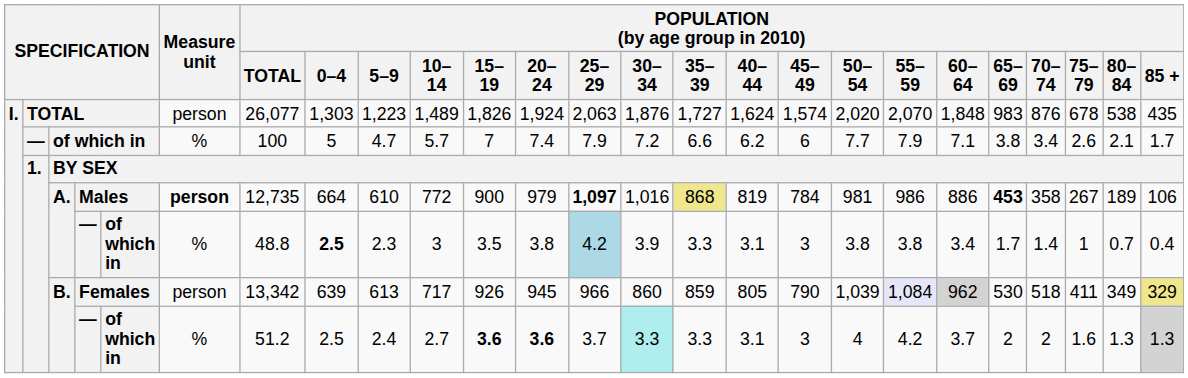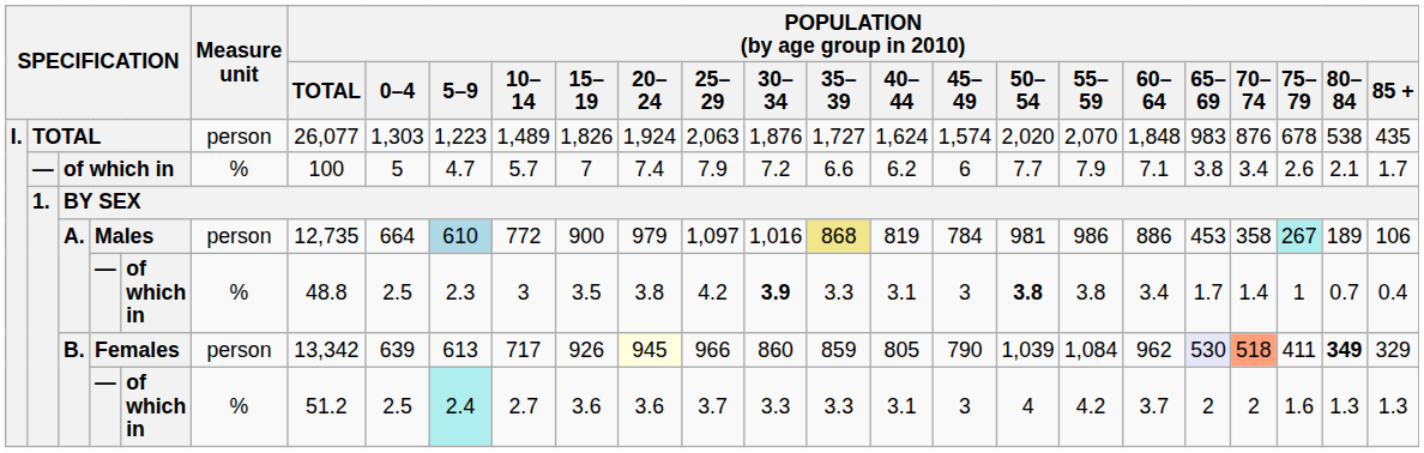 <table class="wikitable" style="font-size:85%; text-align:center">
 <tr>
 <th rowspan="2" colspan="5">SPECIFICATION</th>
 <th rowspan="2">Measure<br> unit</th>
 <th colspan="20" rowspan="1">POPULATION<br> (by age group in 2010)</th>
 </tr>
 <tr>
 <th>TOTAL</th>
 <th>0–4</th>
 <th>5–9</th>
 <th>10–14</th>
 <th>15–19</th>
 <th>20–24</th>
 <th>25–29</th>
 <th>30–34</th>
 <th>35–39</th>
 <th>40–44</th>
 <th>45–49</th>
 <th>50–54</th>
 <th>55–59</th>
 <th>60–64</th>
 <th>65–69</th>
 <th>70–74</th>
 <th>75–79</th>
 <th>80–84</th>
 <th>85 +</th>
 </tr>
 <tr>
 <th style="text-align:left" valign="top" rowspan="7">I.</th>
 <th style="text-align:left" colspan="4">TOTAL</th>
 <td>person</td>
 <td>26,077</td>
 <td>1,303</td>
 <td>1,223</td>
 <td>1,489</td>
 <td>1,826</td>
 <td>1,924</td>
 <td>2,063</td>
 <td>1,876</td>
 <td>1,727</td>
 <td>1,624</td>
 <td>1,574</td>
 <td>2,020</td>
 <td>2,070</td>
 <td>1,848</td>
 <td>983</td>
 <td>876</td>
 <td>678</td>
 <td>538</td>
 <td>435</td>
 </tr>
 <tr>
 <th style="text-align:left" valign="top">—</th>
 <th style="text-align:left" colspan="3">of which in</th>
 <td>%</td>
 <td>100</td>
 <td>5</td>
 <td>4.7</td>
 <td>5.7</td>
 <td>7</td>
 <td>7.4</td>
 <td>7.9</td>
 <td>7.2</td>
 <td>6.6</td>
 <td>6.2</td>
 <td>6</td>
 <td>7.7</td>
 <td>7.9</td>
 <td>7.1</td>
 <td>3.8</td>
 <td>3.4</td>
 <td>2.6</td>
 <td>2.1</td>
 <td>1.7</td>
 </tr>
 <tr>
 <th style="text-align:left" valign="top" rowspan="5">1.</th>
 <th style="text-align:left" colspan="23">BY SEX</th>
 </tr>
 <tr>
 <th style="text-align:left" valign="top" rowspan="2">A.</th>
 <th style="text-align:left" colspan="2">Males</th>
-<td><strong>person</strong></td>
+<td>person</td>
 <td>12,735</td>
 <td>664</td>
-<td>610</td>
+<td style="background: lightblue;">610</td>
 <td>772</td>
 <td>900</td>
 <td>979</td>
-<td><strong>1,097</strong></td>
+<td>1,097</td>
 <td>1,016</td>
 <td style="background: khaki;">868</td>
 <td>819</td>
 <td>784</td>
 <td>981</td>
 <td>986</td>
 <td>886</td>
-<td><strong>453</strong></td>
+<td>453</td>
 <td>358</td>
-<td>267</td>
+<td style="background: paleturquoise;">267</td>
 <td>189</td>
 <td>106</td>
 </tr>
 <tr>
 <th style="text-align:left" valign="top">—</th>
 <th style="text-align:left" colspan="1">of which in</th>
 <td>%</td>
 <td>48.8</td>
-<td><strong>2.5</strong></td>
+<td>2.5</td>
 <td>2.3</td>
 <td>3</td>
 <td>3.5</td>
 <td>3.8</td>
-<td style="background: lightblue;">4.2</td>
-<td>3.9</td>
+<td>4.2</td>
+<td><strong>3.9</strong></td>
 <td>3.3</td>
 <td>3.1</td>
 <td>3</td>
-<td>3.8</td>
+<td><strong>3.8</strong></td>
 <td>3.8</td>
 <td>3.4</td>
 <td>1.7</td>
 <td>1.4</td>
 <td>1</td>
 <td>0.7</td>
 <td>0.4</td>
 </tr>
 <tr>
 <th style="text-align:left" valign="top" rowspan="2">B.</th>
 <th style="text-align:left" colspan="2">Females</th>
 <td>person</td>
 <td>13,342</td>
 <td>639</td>
 <td>613</td>
 <td>717</td>
 <td>926</td>
-<td>945</td>
+<td style="background: lightyellow;">945</td>
 <td>966</td>
 <td>860</td>
 <td>859</td>
 <td>805</td>
 <td>790</td>
 <td>1,039</td>
-<td style="background: lavender;">1,084</td>
-<td style="background: lightgrey;">962</td>
-<td>530</td>
-<td>518</td>
+<td>1,084</td>
+<td>962</td>
+<td style="background: lavender;">530</td>
+<td style="background: lightsalmon;">518</td>
 <td>411</td>
-<td>349</td>
-<td style="background: khaki;">329</td>
+<td><strong>349</strong></td>
+<td>329</td>
 </tr>
 <tr>
 <th style="text-align:left" valign="top">—</th>
 <th style="text-align:left" colspan="1">of which in</th>
 <td>%</td>
 <td>51.2</td>
 <td>2.5</td>
-<td>2.4</td>
+<td style="background: paleturquoise;">2.4</td>
 <td>2.7</td>
-<td><strong>3.6</strong></td>
-<td><strong>3.6</strong></td>
+<td>3.6</td>
+<td>3.6</td>
 <td>3.7</td>
-<td style="background: paleturquoise;">3.3</td>
+<td>3.3</td>
 <td>3.3</td>
 <td>3.1</td>
 <td>3</td>
 <td>4</td>
 <td>4.2</td>
 <td>3.7</td>
 <td>2</td>
 <td>2</td>
 <td>1.6</td>
 <td>1.3</td>
-<td style="background: lightgrey;">1.3</td>
+<td>1.3</td>
 </tr>
 </table>
